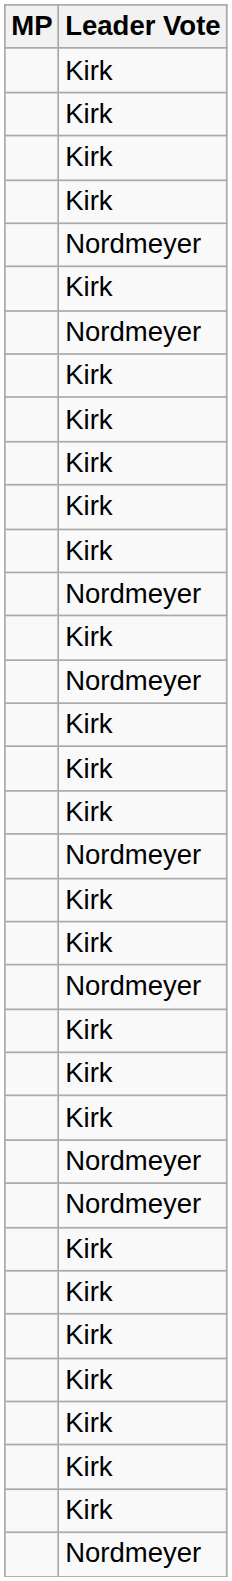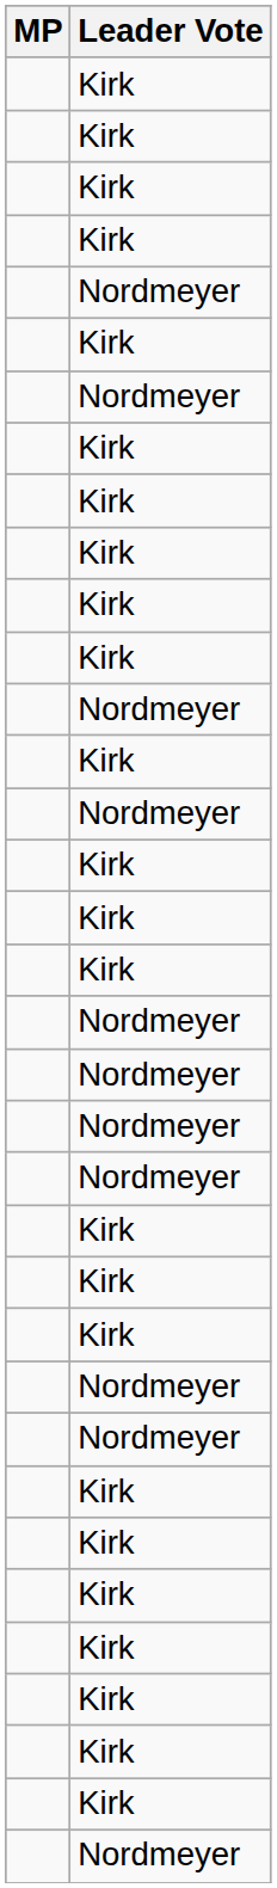 <table class="wikitable sortable">
 <tr>
 <th>MP</th>
 <th>Leader Vote</th>
 </tr>
 <tr>
 <td></td>
 <td>Kirk</td>
 </tr>
 <tr>
 <td></td>
 <td>Kirk</td>
 </tr>
 <tr>
 <td></td>
 <td>Kirk</td>
 </tr>
 <tr>
 <td></td>
 <td>Kirk</td>
 </tr>
 <tr>
 <td></td>
 <td>Nordmeyer</td>
 </tr>
 <tr>
 <td></td>
 <td>Kirk</td>
 </tr>
 <tr>
 <td></td>
 <td>Nordmeyer</td>
 </tr>
 <tr>
 <td></td>
 <td>Kirk</td>
 </tr>
 <tr>
 <td></td>
 <td>Kirk</td>
 </tr>
 <tr>
 <td></td>
 <td>Kirk</td>
 </tr>
 <tr>
 <td></td>
 <td>Kirk</td>
 </tr>
 <tr>
 <td></td>
 <td>Kirk</td>
 </tr>
 <tr>
 <td></td>
 <td>Nordmeyer</td>
 </tr>
 <tr>
 <td></td>
 <td>Kirk</td>
 </tr>
 <tr>
 <td></td>
 <td>Nordmeyer</td>
 </tr>
 <tr>
 <td></td>
 <td>Kirk</td>
 </tr>
 <tr>
 <td></td>
 <td>Kirk</td>
 </tr>
 <tr>
 <td></td>
 <td>Kirk</td>
 </tr>
 <tr>
 <td></td>
 <td>Nordmeyer</td>
 </tr>
 <tr>
 <td></td>
-<td>Kirk</td>
+<td>Nordmeyer</td>
 </tr>
 <tr>
 <td></td>
-<td>Kirk</td>
+<td>Nordmeyer</td>
 </tr>
 <tr>
 <td></td>
 <td>Nordmeyer</td>
 </tr>
 <tr>
 <td></td>
 <td>Kirk</td>
 </tr>
 <tr>
 <td></td>
 <td>Kirk</td>
 </tr>
 <tr>
 <td></td>
 <td>Kirk</td>
 </tr>
 <tr>
 <td></td>
 <td>Nordmeyer</td>
 </tr>
 <tr>
 <td></td>
 <td>Nordmeyer</td>
 </tr>
 <tr>
 <td></td>
 <td>Kirk</td>
 </tr>
 <tr>
 <td></td>
 <td>Kirk</td>
 </tr>
 <tr>
 <td></td>
 <td>Kirk</td>
 </tr>
 <tr>
 <td></td>
 <td>Kirk</td>
 </tr>
 <tr>
 <td></td>
 <td>Kirk</td>
 </tr>
 <tr>
 <td></td>
 <td>Kirk</td>
 </tr>
 <tr>
 <td></td>
 <td>Kirk</td>
 </tr>
 <tr>
 <td></td>
 <td>Nordmeyer</td>
 </tr>
 </table>
